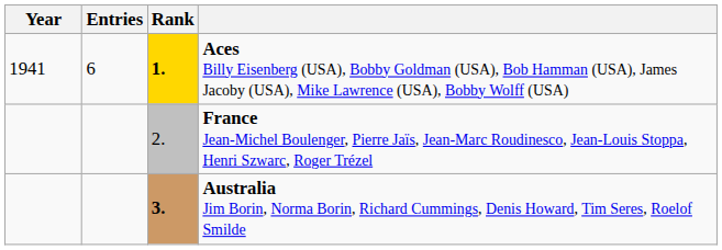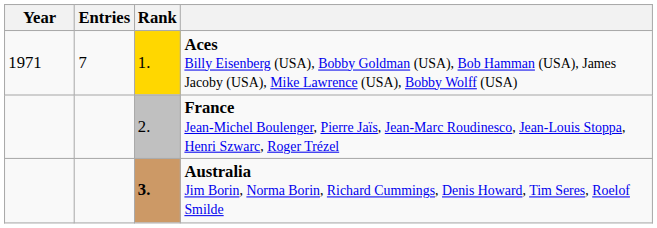 <table class="wikitable" style="width:100%;">
 <tr>
 <th>Year</th>
 <th>Entries</th>
 <th>Rank</th>
 <th></th>
 </tr>
 <tr>
-<td width=60>1941</td>
-<td>6</td>
-<td style="background:gold; width:30px;"><strong>1.</strong></td>
+<td width=60>1971</td>
+<td>7</td>
+<td style="background:gold; width:30px;">1.</td>
 <td> <strong>Aces</strong><br><small><a href='#'>Billy Eisenberg</a> (USA), <a href='#'>Bobby Goldman</a> (USA), <a href='#'>Bob Hamman</a> (USA), James Jacoby (USA), <a href='#'>Mike Lawrence</a> (USA), <a href='#'>Bobby Wolff</a> (USA)</small></td>
 </tr>
 <tr>
 <td></td>
 <td></td>
 <td style="background:silver;">2.</td>
 <td> <strong>France</strong><br><small><a href='#'>Jean-Michel Boulenger</a>, <a href='#'>Pierre Jaïs</a>, <a href='#'>Jean-Marc Roudinesco</a>, <a href='#'>Jean-Louis Stoppa</a>, <a href='#'>Henri Szwarc</a>, <a href='#'>Roger Trézel</a></small></td>
 </tr>
 <tr>
 <td></td>
 <td></td>
 <td style="background:#c96;"><strong>3.</strong></td>
 <td> <strong>Australia</strong><br><small><a href='#'>Jim Borin</a>, <a href='#'>Norma Borin</a>, <a href='#'>Richard Cummings</a>, <a href='#'>Denis Howard</a>, <a href='#'>Tim Seres</a>, <a href='#'>Roelof Smilde</a></small></td>
 </tr>
 </table>
